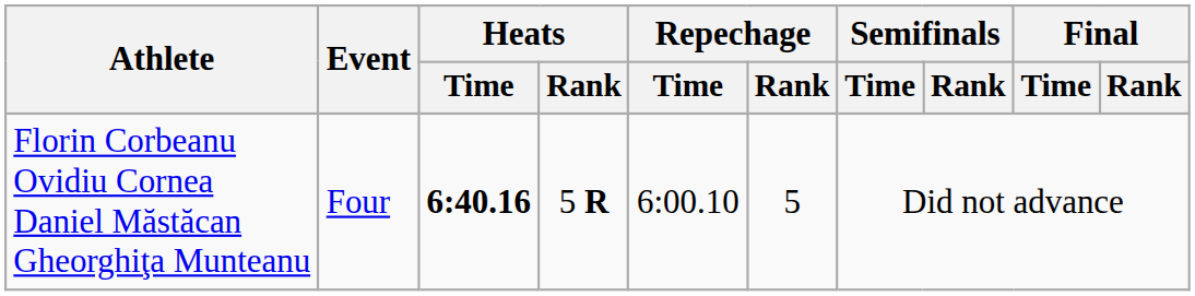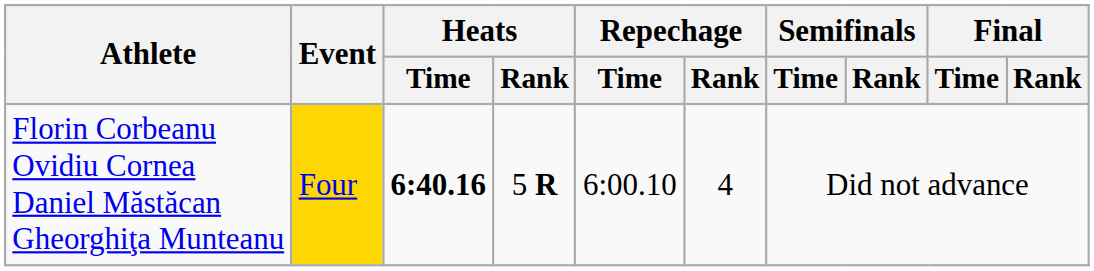 <table class="wikitable" style="font-size:90%;">
 <tr>
 <th rowspan="2">Athlete</th>
 <th rowspan="2">Event</th>
 <th colspan="2">Heats</th>
 <th colspan="2">Repechage</th>
 <th colspan="2">Semifinals</th>
 <th colspan="2">Final</th>
 </tr>
 <tr style="font-size:95%">
 <th>Time</th>
 <th>Rank</th>
 <th>Time</th>
 <th>Rank</th>
 <th>Time</th>
 <th>Rank</th>
 <th>Time</th>
 <th>Rank</th>
 </tr>
 <tr align=center>
 <td align=left><a href='#'>Florin Corbeanu</a><br><a href='#'>Ovidiu Cornea</a><br><a href='#'>Daniel Măstăcan</a><br><a href='#'>Gheorghiţa Munteanu</a></td>
-<td align=left><a href='#'>Four</a></td>
+<td align=left style="background: gold;"><a href='#'>Four</a></td>
 <td><strong>6:40.16</strong></td>
 <td>5 <strong>R</strong></td>
 <td>6:00.10</td>
-<td>5</td>
+<td>4</td>
 <td colspan=4>Did not advance</td>
 </tr>
 </table>
